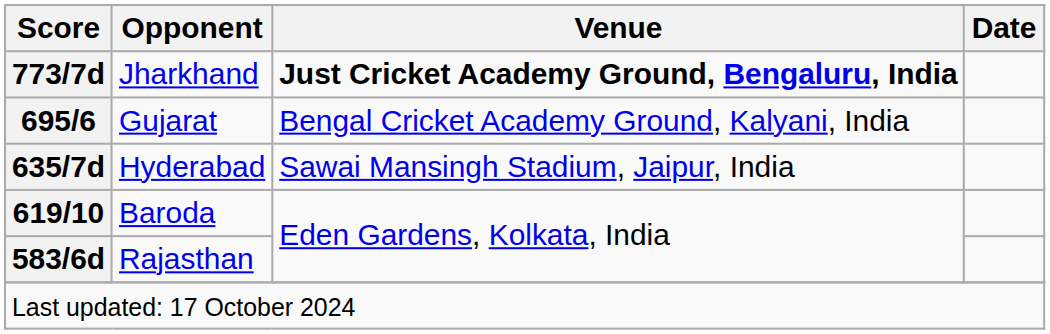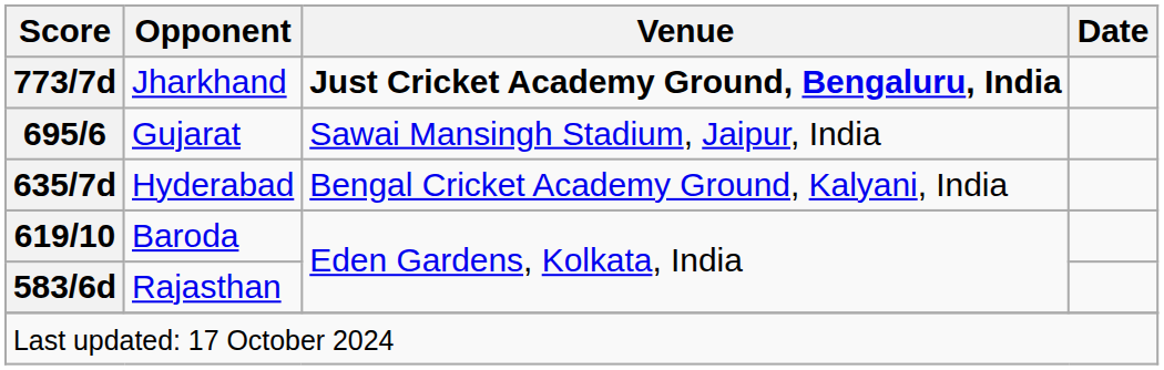 <table class="wikitable sortable" style="text-align:left;font-size:93%;">
 <tr>
 <th><strong>Score</strong></th>
 <th><strong>Opponent</strong></th>
 <th><strong>Venue</strong></th>
 <th><strong>Date</strong></th>
 </tr>
 <tr>
 <th>773/7d</th>
 <td><a href='#'>Jharkhand</a></td>
 <td><strong>Just Cricket Academy Ground, <a href='#'>Bengaluru</a>, India</strong></td>
 <td></td>
 </tr>
 <tr>
 <th>695/6</th>
 <td><a href='#'>Gujarat</a></td>
-<td><a href='#'>Bengal Cricket Academy Ground</a>, <a href='#'>Kalyani</a>, India</td>
+<td><a href='#'>Sawai Mansingh Stadium</a>, <a href='#'>Jaipur</a>, India</td>
 <td></td>
 </tr>
 <tr>
 <th>635/7d</th>
 <td><a href='#'>Hyderabad</a></td>
-<td><a href='#'>Sawai Mansingh Stadium</a>, <a href='#'>Jaipur</a>, India</td>
+<td><a href='#'>Bengal Cricket Academy Ground</a>, <a href='#'>Kalyani</a>, India</td>
 <td></td>
 </tr>
 <tr>
 <th>619/10</th>
 <td><a href='#'>Baroda</a></td>
 <td rowspan=2><a href='#'>Eden Gardens</a>, <a href='#'>Kolkata</a>, India</td>
 <td></td>
 </tr>
 <tr>
 <th>583/6d</th>
 <td><a href='#'>Rajasthan</a></td>
 <td></td>
 </tr>
 <tr>
 </tr>
 <tr class="sortbottom">
 <td colspan="4"><small>Last updated: 17 October 2024</small></td>
 </tr>
 </table>
